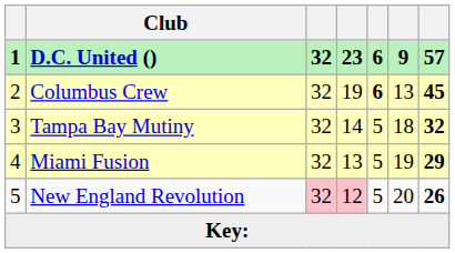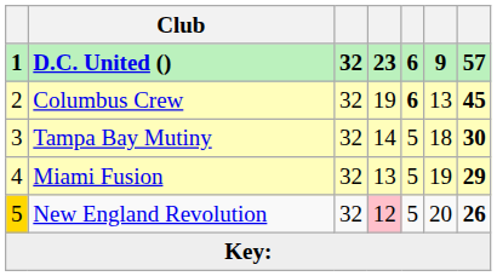 <table class="wikitable" style="text-align:center; margin:0; font-size: 95%; display:inline-table;">
 <tr>
 <th scope=col></th>
 <th scope=col width=195>Club</th>
 <th scope=col></th>
 <th scope=col></th>
 <th scope=col></th>
 <th scope=col></th>
 <th scope=col></th>
 </tr>
 <tr style="background:#BBF1BD; font-weight:bold;">
 <td>1</td>
 <td align=left><a href='#'>D.C. United</a> ()</td>
 <td>32</td>
 <td>23</td>
 <td>6</td>
 <td>9</td>
 <td>57</td>
 </tr>
 <tr style="background:#FFFEBB;">
 <td>2</td>
 <td align=left><a href='#'>Columbus Crew</a></td>
 <td>32</td>
 <td>19</td>
 <td><strong>6</strong></td>
 <td>13</td>
 <td><strong>45</strong></td>
 </tr>
 <tr style="background:#FFFEBB;">
 <td>3</td>
 <td align=left><a href='#'>Tampa Bay Mutiny</a></td>
 <td>32</td>
 <td>14</td>
 <td>5</td>
 <td>18</td>
-<td><strong>32</strong></td>
+<td><strong>30</strong></td>
 </tr>
 <tr style="background:#FFFEBB;">
 <td>4</td>
 <td align=left><a href='#'>Miami Fusion</a></td>
 <td>32</td>
 <td>13</td>
 <td>5</td>
 <td>19</td>
 <td><strong>29</strong></td>
 </tr>
 <tr>
-<td>5</td>
+<td style="background: gold;">5</td>
 <td align=left><a href='#'>New England Revolution</a></td>
-<td style="background: pink;">32</td>
+<td>32</td>
 <td style="background: pink;">12</td>
 <td>5</td>
 <td>20</td>
 <td><strong>26</strong></td>
 </tr>
 <tr style="background:#eee;">
 <td colspan=7 align=center><strong>Key:</strong>   </td>
 </tr>
 </table>
